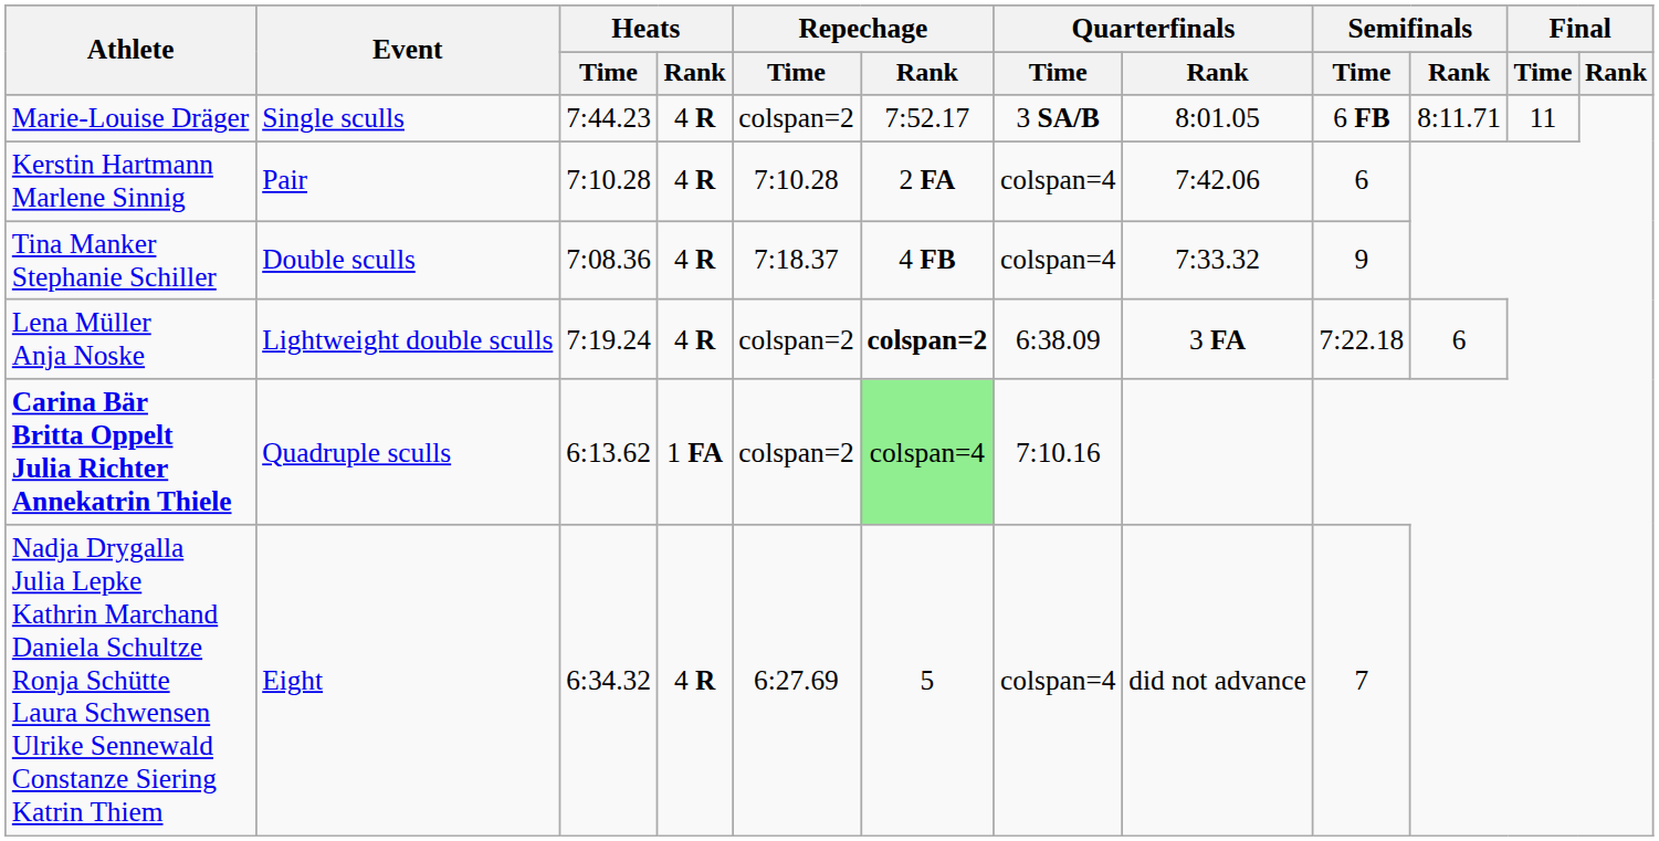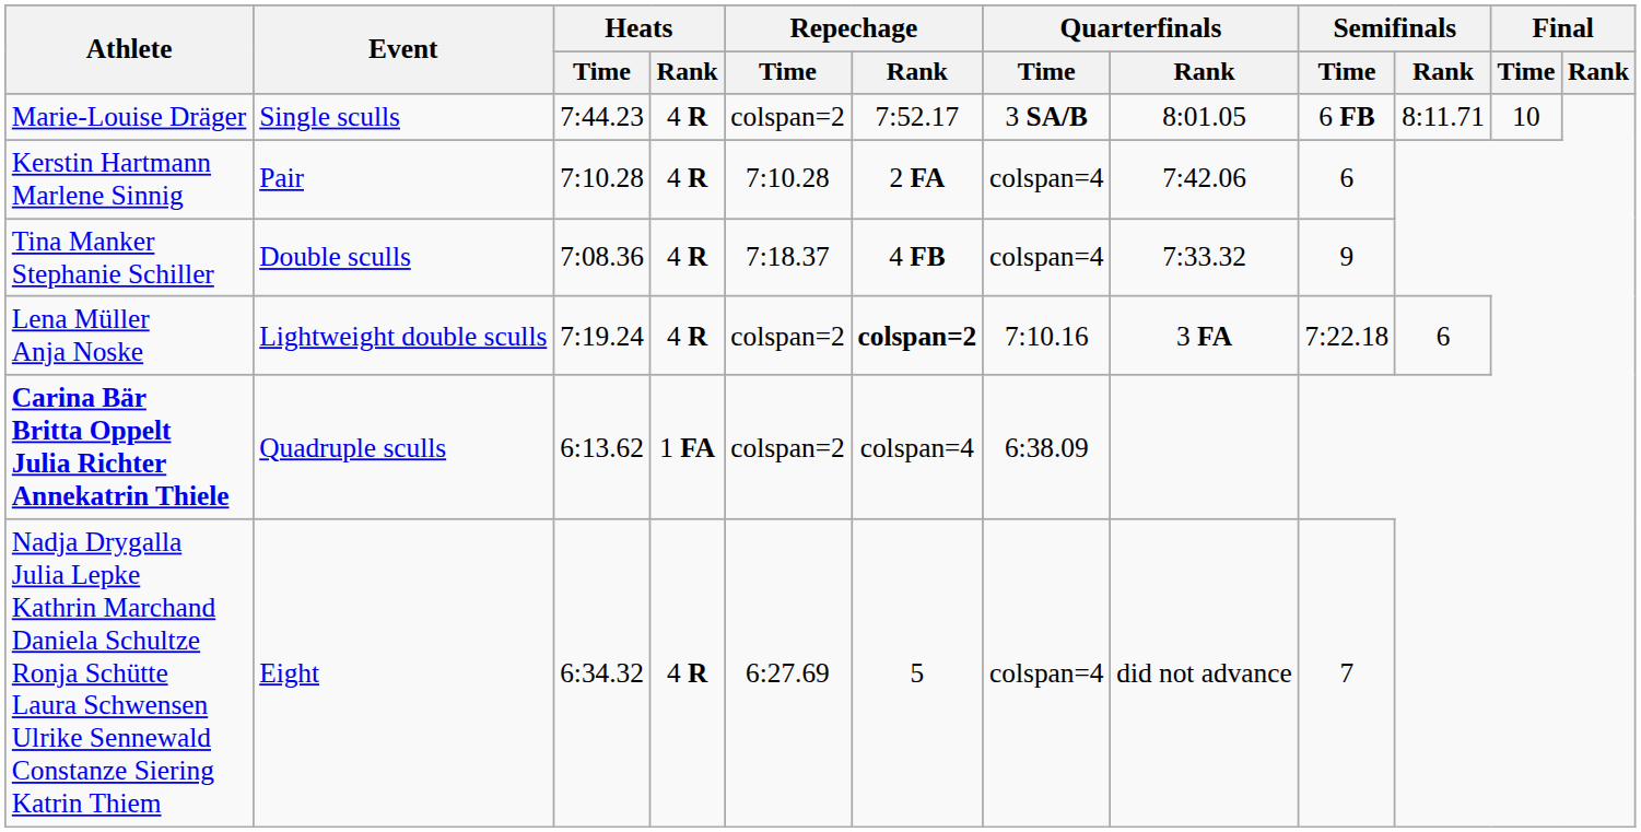 <table class="wikitable" style="font-size:90%">
 <tr>
 <th rowspan="2">Athlete</th>
 <th rowspan="2">Event</th>
 <th colspan="2">Heats</th>
 <th colspan="2">Repechage</th>
 <th colspan=2>Quarterfinals</th>
 <th colspan="2">Semifinals</th>
 <th colspan="2">Final</th>
 </tr>
 <tr style="font-size:95%">
 <th>Time</th>
 <th>Rank</th>
 <th>Time</th>
 <th>Rank</th>
 <th>Time</th>
 <th>Rank</th>
 <th>Time</th>
 <th>Rank</th>
 <th>Time</th>
 <th>Rank</th>
 </tr>
 <tr align=center>
 <td align=left><a href='#'>Marie-Louise Dräger</a></td>
 <td align=left><a href='#'>Single sculls</a></td>
 <td>7:44.23</td>
 <td>4 <strong>R</strong></td>
 <td>colspan=2 </td>
 <td>7:52.17</td>
 <td>3 <strong>SA/B</strong></td>
 <td>8:01.05</td>
 <td>6 <strong>FB</strong></td>
 <td>8:11.71</td>
-<td>11</td>
+<td>10</td>
 </tr>
 <tr align=center>
 <td align=left><a href='#'>Kerstin Hartmann</a><br><a href='#'>Marlene Sinnig</a></td>
 <td align=left><a href='#'>Pair</a></td>
 <td>7:10.28</td>
 <td>4 <strong>R</strong></td>
 <td>7:10.28</td>
 <td>2 <strong>FA</strong></td>
 <td>colspan=4 </td>
 <td>7:42.06</td>
 <td>6</td>
 </tr>
 <tr align=center>
 <td align=left><a href='#'>Tina Manker</a><br><a href='#'>Stephanie Schiller</a></td>
 <td align=left><a href='#'>Double sculls</a></td>
 <td>7:08.36</td>
 <td>4 <strong>R</strong></td>
 <td>7:18.37</td>
 <td>4 <strong>FB</strong></td>
 <td>colspan=4 </td>
 <td>7:33.32</td>
 <td>9</td>
 </tr>
 <tr align=center>
 <td align=left><a href='#'>Lena Müller</a><br><a href='#'>Anja Noske</a></td>
 <td align=left><a href='#'>Lightweight double sculls</a></td>
 <td>7:19.24</td>
 <td>4 <strong>R</strong></td>
 <td>colspan=2 </td>
 <td><strong>colspan=2 </strong></td>
-<td>6:38.09</td>
+<td>7:10.16</td>
 <td>3 <strong>FA</strong></td>
 <td>7:22.18</td>
 <td>6</td>
 </tr>
 <tr align=center>
 <td align=left><strong><a href='#'>Carina Bär</a><br><a href='#'>Britta Oppelt</a><br><a href='#'>Julia Richter</a><br><a href='#'>Annekatrin Thiele</a></strong></td>
 <td align=left><a href='#'>Quadruple sculls</a></td>
 <td>6:13.62</td>
 <td>1 <strong>FA</strong></td>
 <td>colspan=2 </td>
-<td style="background: lightgreen;">colspan=4 </td>
-<td>7:10.16</td>
+<td>colspan=4 </td>
+<td>6:38.09</td>
 <td></td>
 </tr>
 <tr align=center>
 <td align=left><a href='#'>Nadja Drygalla</a><br><a href='#'>Julia Lepke</a><br><a href='#'>Kathrin Marchand</a><br><a href='#'>Daniela Schultze</a><br><a href='#'>Ronja Schütte</a><br><a href='#'>Laura Schwensen</a><br><a href='#'>Ulrike Sennewald</a><br><a href='#'>Constanze Siering</a><br><a href='#'>Katrin Thiem</a></td>
 <td align=left><a href='#'>Eight</a></td>
 <td>6:34.32</td>
 <td>4 <strong>R</strong></td>
 <td>6:27.69</td>
 <td>5</td>
 <td>colspan=4 </td>
 <td>did not advance</td>
 <td>7</td>
 </tr>
 </table>
